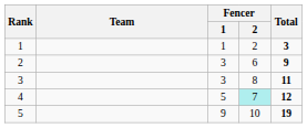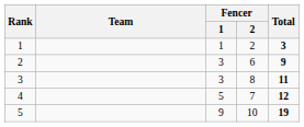 <table class=wikitable style="text-align:center">
 <tr>
 <th rowspan=2 width=40>Rank</th>
 <th rowspan=2 width=250>Team</th>
 <th colspan=2>Fencer</th>
 <th rowspan=2 width=40>Total</th>
 </tr>
 <tr>
 <th width=40>1</th>
 <th width=40>2</th>
 </tr>
 <tr>
 <td>1</td>
 <td align=left></td>
 <td>1</td>
 <td>2</td>
 <td><strong>3</strong></td>
 </tr>
 <tr>
 <td>2</td>
 <td align=left></td>
 <td>3</td>
 <td>6</td>
 <td><strong>9</strong></td>
 </tr>
 <tr>
 <td>3</td>
 <td align=left></td>
 <td>3</td>
 <td>8</td>
 <td><strong>11</strong></td>
 </tr>
 <tr>
 <td>4</td>
 <td align=left></td>
 <td>5</td>
-<td style="background: paleturquoise;">7</td>
+<td>7</td>
 <td><strong>12</strong></td>
 </tr>
 <tr>
 <td>5</td>
 <td align=left></td>
 <td>9</td>
 <td>10</td>
 <td><strong>19</strong></td>
 </tr>
 </table>
